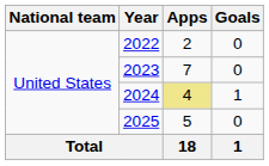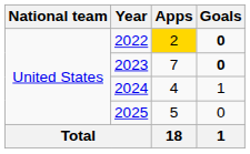 <table class="wikitable" style="text-align:center">
 <tr>
 <th>National team</th>
 <th>Year</th>
 <th>Apps</th>
 <th>Goals</th>
 </tr>
 <tr>
 <td rowspan=4><a href='#'>United States</a></td>
 <td><a href='#'>2022</a></td>
-<td>2</td>
-<td>0</td>
+<td style="background: gold;">2</td>
+<td><strong>0</strong></td>
 </tr>
 <tr>
 <td><a href='#'>2023</a></td>
 <td>7</td>
-<td>0</td>
+<td><strong>0</strong></td>
 </tr>
 <tr>
 <td><a href='#'>2024</a></td>
-<td style="background: khaki;">4</td>
+<td>4</td>
 <td>1</td>
 </tr>
 <tr>
 <td><a href='#'>2025</a></td>
 <td>5</td>
 <td>0</td>
 </tr>
 <tr>
 <th colspan=2>Total</th>
 <th>18</th>
 <th>1</th>
 </tr>
 </table>
